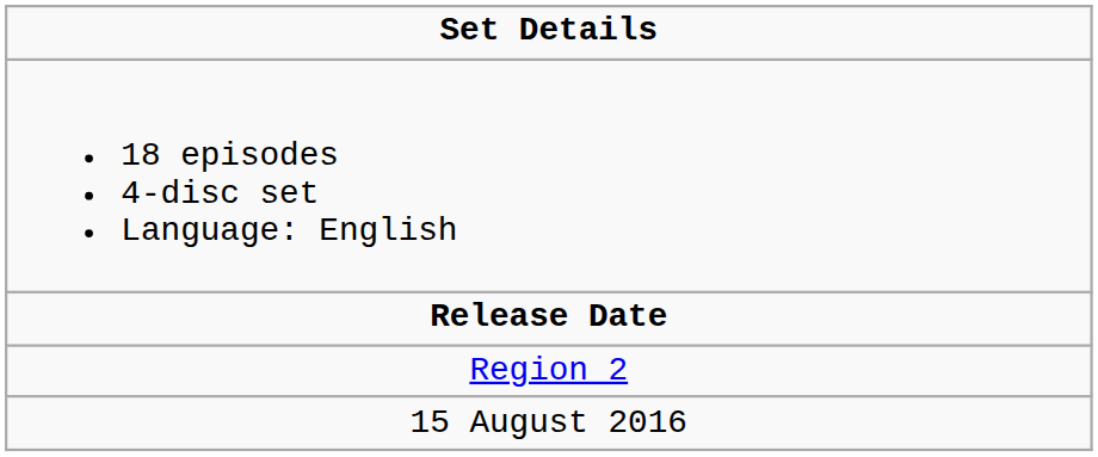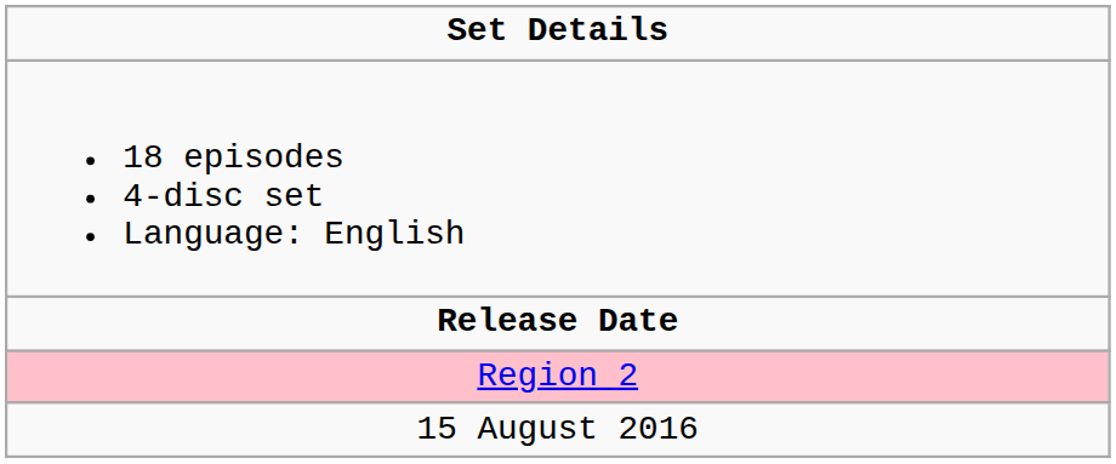 <table class="wikitable" style="font-size: 95%;">
 <tr valign="top">
 <td align="center" width="400" colspan="3"><strong>Set Details</strong></td>
 </tr>
 <tr valign="top">
 <td colspan="3" align="left" width="400"><br><ul><li>18 episodes</li><li>4-disc set</li><li>Language: English</li></ul></td>
 </tr>
 <tr>
 <td colspan="3" align="center"><strong>Release Date</strong></td>
 </tr>
 <tr>
-<td align="center"><a href='#'>Region 2</a></td>
+<td align="center" style="background: pink;"><a href='#'>Region 2</a></td>
 </tr>
 <tr>
 <td align="center">15 August 2016</td>
 </tr>
 </table>
